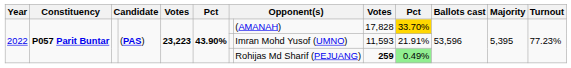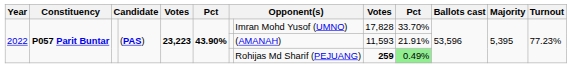 <table class="wikitable" style="margin:0.5em ; font-size:95%">
 <tr>
 <th>Year</th>
 <th>Constituency</th>
 <th colspan=2>Candidate</th>
 <th>Votes</th>
 <th>Pct</th>
 <th colspan=2>Opponent(s)</th>
 <th>Votes</th>
 <th>Pct</th>
 <th>Ballots cast</th>
 <th>Majority</th>
 <th>Turnout</th>
 </tr>
 <tr>
 <td rowspan=3><a href='#'>2022</a></td>
 <td rowspan=3><strong>P057 <a href='#'>Parit Buntar</a></strong></td>
 <td rowspan=3 bgcolor=></td>
 <td rowspan=3> (<a href='#'><strong>PAS</strong></a>)</td>
 <td rowspan=3 align="right"><strong>23,223</strong></td>
 <td rowspan=3><strong>43.90%</strong></td>
 <td></td>
-<td> (<a href='#'>AMANAH</a>)</td>
+<td>Imran Mohd Yusof (<a href='#'>UMNO</a>)</td>
 <td align="right">17,828</td>
-<td style="background: gold;">33.70%</td>
+<td>33.70%</td>
 <td rowspan=3>53,596</td>
 <td rowspan=3>5,395</td>
 <td rowspan=3>77.23%</td>
 </tr>
 <tr>
 <td></td>
-<td>Imran Mohd Yusof (<a href='#'>UMNO</a>)</td>
+<td> (<a href='#'>AMANAH</a>)</td>
 <td align="right">11,593</td>
 <td>21.91%</td>
 </tr>
 <tr>
 <td bgcolor=></td>
 <td>Rohijas Md Sharif (<a href='#'>PEJUANG</a>)</td>
 <td align="right"><strong>259</strong></td>
 <td align="right" style="background: lightgreen;">0.49%</td>
 </tr>
 </table>
